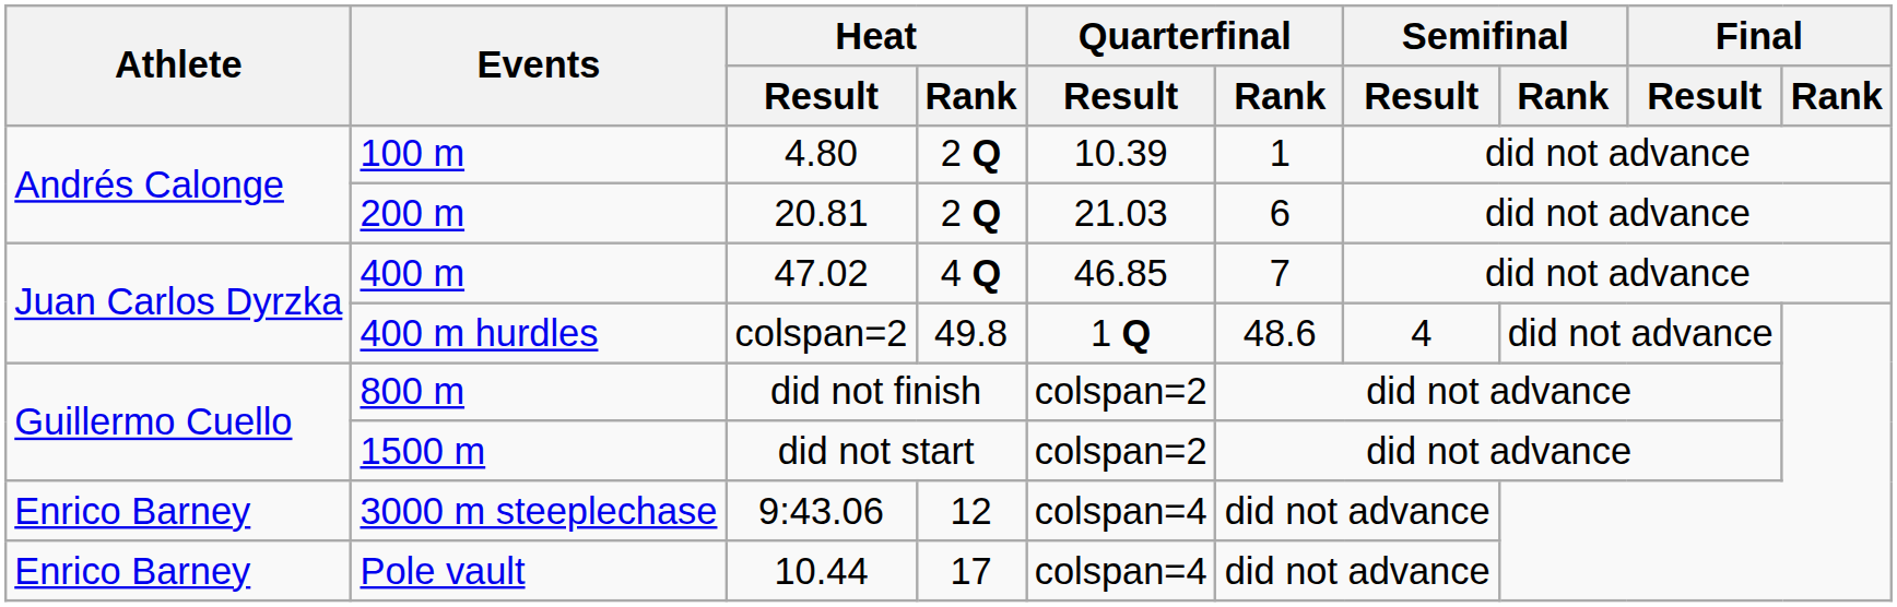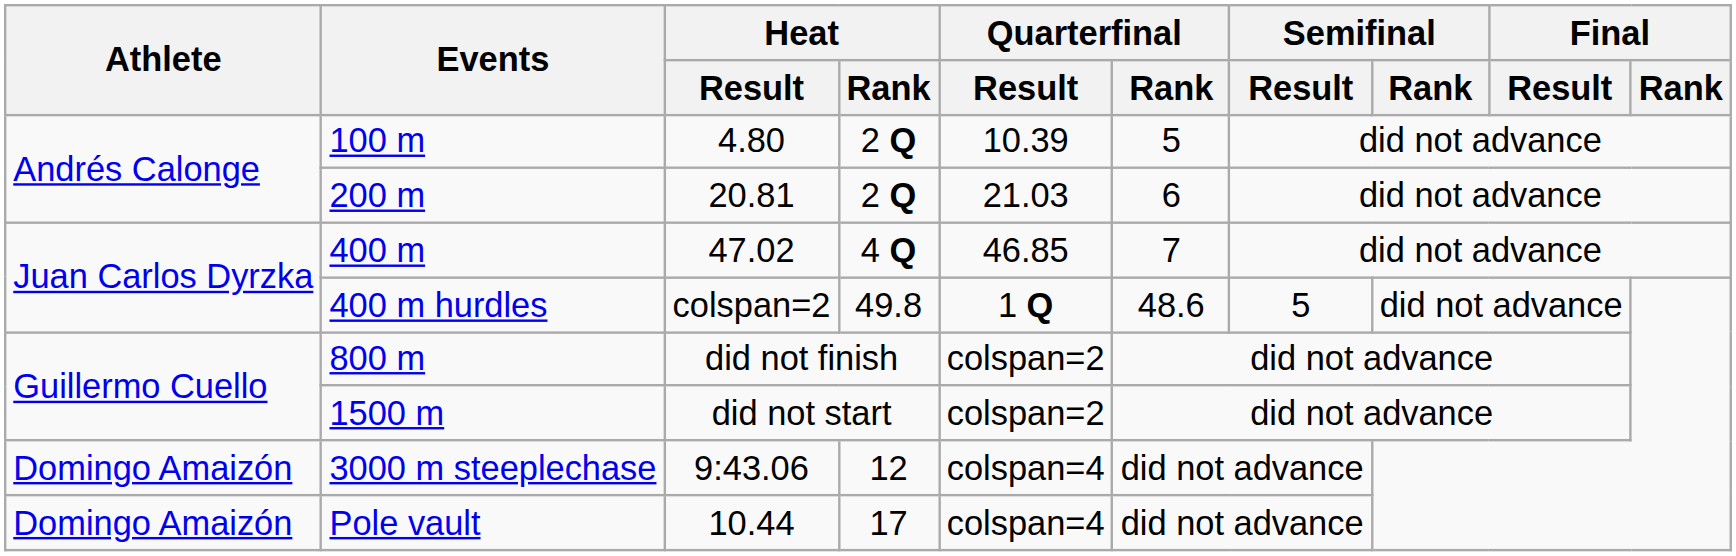 <table class=wikitable style="font-size:90%">
 <tr>
 <th rowspan="2">Athlete</th>
 <th rowspan="2">Events</th>
 <th colspan="2">Heat</th>
 <th colspan="2">Quarterfinal</th>
 <th colspan="2">Semifinal</th>
 <th colspan="2">Final</th>
 </tr>
 <tr>
 <th>Result</th>
 <th>Rank</th>
 <th>Result</th>
 <th>Rank</th>
 <th>Result</th>
 <th>Rank</th>
 <th>Result</th>
 <th>Rank</th>
 </tr>
 <tr align=center>
 <td align=left rowspan=2><a href='#'>Andrés Calonge</a></td>
 <td align=left><a href='#'>100 m</a></td>
 <td>4.80</td>
 <td>2 <strong>Q</strong></td>
 <td>10.39</td>
-<td>1</td>
+<td>5</td>
 <td align=center colspan=4>did not advance</td>
 </tr>
 <tr align=center>
 <td align=left><a href='#'>200 m</a></td>
 <td>20.81</td>
 <td>2 <strong>Q</strong></td>
 <td>21.03</td>
 <td>6</td>
 <td align=center colspan=4>did not advance</td>
 </tr>
 <tr align=center>
 <td align=left rowspan=2><a href='#'>Juan Carlos Dyrzka</a></td>
 <td align=left><a href='#'>400 m</a></td>
 <td>47.02</td>
 <td>4 <strong>Q</strong></td>
 <td>46.85</td>
 <td>7</td>
 <td colspan=4>did not advance</td>
 </tr>
 <tr align=center>
 <td align=left><a href='#'>400 m hurdles</a></td>
 <td>colspan=2 </td>
 <td>49.8</td>
 <td>1 <strong>Q</strong></td>
 <td>48.6</td>
-<td>4</td>
+<td>5</td>
 <td colspan=2>did not advance</td>
 </tr>
 <tr align=center>
 <td align=left rowspan=2><a href='#'>Guillermo Cuello</a></td>
 <td align=left><a href='#'>800 m</a></td>
 <td colspan=2>did not finish</td>
 <td>colspan=2 </td>
 <td colspan=4>did not advance</td>
 </tr>
 <tr align=center>
 <td align=left><a href='#'>1500 m</a></td>
 <td colspan=2>did not start</td>
 <td>colspan=2 </td>
 <td colspan=4>did not advance</td>
 </tr>
 <tr align=center>
-<td align=left><a href='#'>Enrico Barney</a></td>
+<td align=left><a href='#'>Domingo Amaizón</a></td>
 <td align=left><a href='#'>3000 m steeplechase</a></td>
 <td>9:43.06</td>
 <td>12</td>
 <td>colspan=4 </td>
 <td colspan=2>did not advance</td>
 </tr>
 <tr align=center>
-<td align=left><a href='#'>Enrico Barney</a></td>
+<td align=left><a href='#'>Domingo Amaizón</a></td>
 <td align=left><a href='#'>Pole vault</a></td>
 <td>10.44</td>
 <td>17</td>
 <td>colspan=4 </td>
 <td colspan=2>did not advance</td>
 </tr>
 </table>
